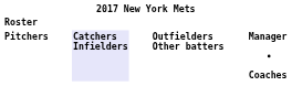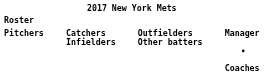 <table class="toccolours" style="font-size: 95%;">
 <tr>
 <th colspan="10">2017 New York Mets</th>
 </tr>
 <tr>
 <td colspan="10"><strong>Roster</strong></td>
 </tr>
 <tr>
 <td valign="top"><strong>Pitchers</strong><br>                           </td>
 <td width="25px"></td>
-<td valign="top" style="background: lavender;"><strong>Catchers</strong><br>    <strong>Infielders</strong>           </td>
+<td valign="top"><strong>Catchers</strong><br>    <strong>Infielders</strong>           </td>
 <td width="25px"></td>
 <td valign="top"><strong>Outfielders</strong><br>        <strong>Other batters</strong> </td>
 <td width="25px"></td>
 <td valign="top"><strong>Manager</strong><br><ul><li></li></ul><strong>Coaches</strong>                  </td>
 </tr>
 </table>
